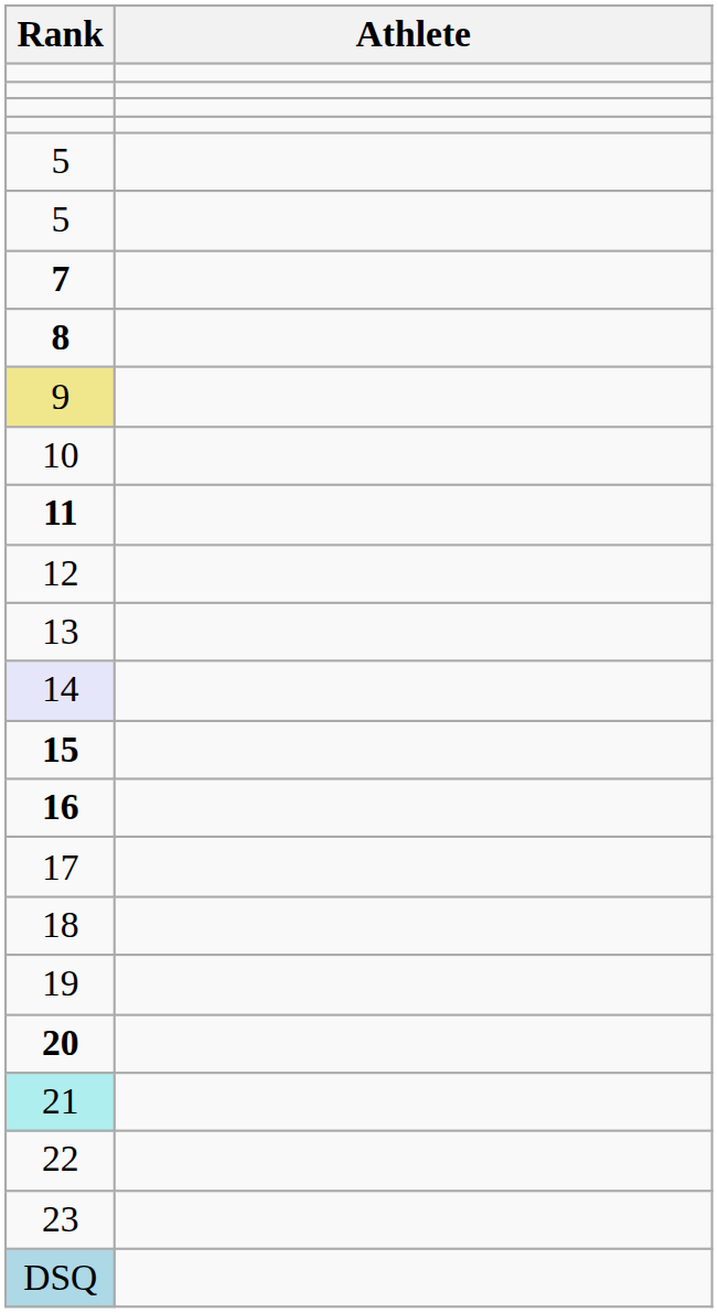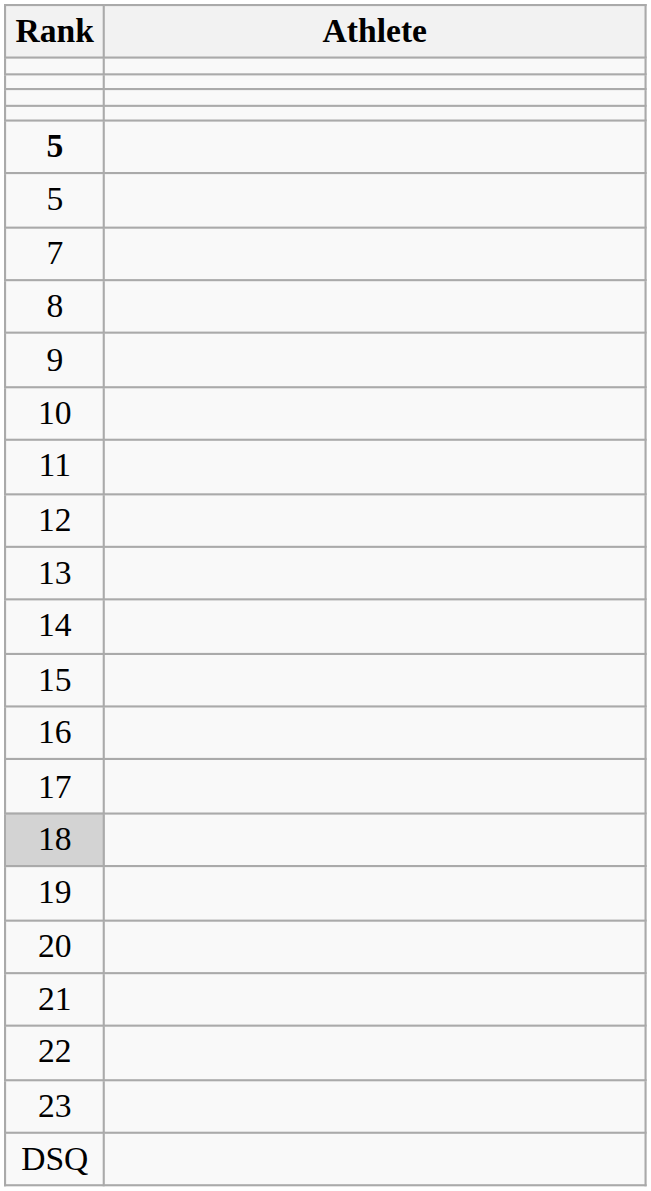 <table class="wikitable" style="text-align: center;">
 <tr>
 <th width=40>Rank</th>
 <th width=250>Athlete</th>
 </tr>
 <tr>
 <td></td>
 <td align="left"></td>
 </tr>
 <tr>
 <td></td>
 <td align="left"></td>
 </tr>
 <tr>
 <td></td>
 <td align="left"></td>
 </tr>
 <tr>
 <td></td>
 <td align="left"></td>
 </tr>
 <tr>
-<td>5</td>
+<td><strong>5</strong></td>
 <td align="left"></td>
 </tr>
 <tr>
 <td>5</td>
 <td align="left"></td>
 </tr>
 <tr>
-<td><strong>7</strong></td>
+<td>7</td>
 <td align="left"></td>
 </tr>
 <tr>
-<td><strong>8</strong></td>
+<td>8</td>
 <td align="left"></td>
 </tr>
 <tr>
-<td style="background: khaki;">9</td>
+<td>9</td>
 <td align="left"></td>
 </tr>
 <tr>
 <td>10</td>
 <td align="left"></td>
 </tr>
 <tr>
-<td><strong>11</strong></td>
+<td>11</td>
 <td align="left"></td>
 </tr>
 <tr>
 <td>12</td>
 <td align="left"></td>
 </tr>
 <tr>
 <td>13</td>
 <td align="left"></td>
 </tr>
 <tr>
-<td style="background: lavender;">14</td>
+<td>14</td>
 <td align="left"></td>
 </tr>
 <tr>
-<td><strong>15</strong></td>
+<td>15</td>
 <td align="left"></td>
 </tr>
 <tr>
-<td><strong>16</strong></td>
+<td>16</td>
 <td align="left"></td>
 </tr>
 <tr>
 <td>17</td>
 <td align="left"></td>
 </tr>
 <tr>
-<td>18</td>
+<td style="background: lightgrey;">18</td>
 <td align="left"></td>
 </tr>
 <tr>
 <td>19</td>
 <td align="left"></td>
 </tr>
 <tr>
-<td><strong>20</strong></td>
+<td>20</td>
 <td align="left"></td>
 </tr>
 <tr>
-<td style="background: paleturquoise;">21</td>
+<td>21</td>
 <td align="left"></td>
 </tr>
 <tr>
 <td>22</td>
 <td align="left"></td>
 </tr>
 <tr>
 <td>23</td>
 <td align="left"></td>
 </tr>
 <tr>
-<td style="background: lightblue;">DSQ</td>
+<td>DSQ</td>
 <td align="left"></td>
 </tr>
 </table>
